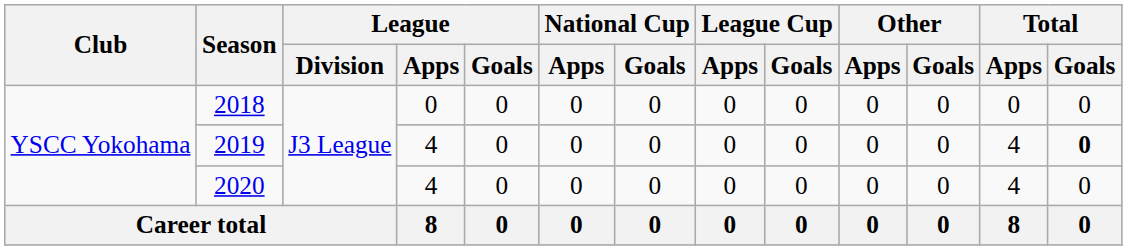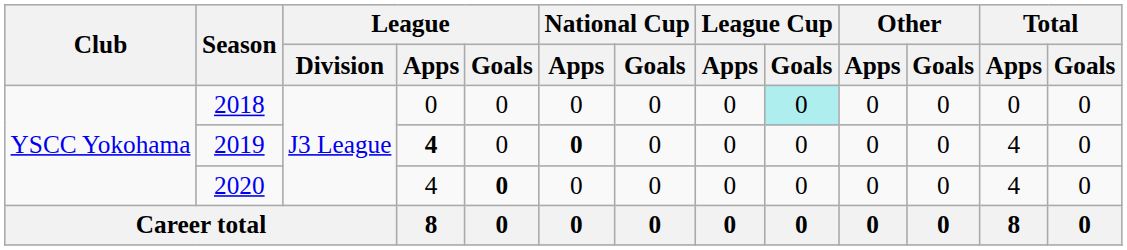 <table class="wikitable" style="text-align: center">
 <tr>
 <th rowspan="2">Club</th>
 <th rowspan="2">Season</th>
 <th colspan="3">League</th>
 <th colspan="2">National Cup</th>
 <th colspan="2">League Cup</th>
 <th colspan="2">Other</th>
 <th colspan="2">Total</th>
 </tr>
 <tr>
 <th>Division</th>
 <th>Apps</th>
 <th>Goals</th>
 <th>Apps</th>
 <th>Goals</th>
 <th>Apps</th>
 <th>Goals</th>
 <th>Apps</th>
 <th>Goals</th>
 <th>Apps</th>
 <th>Goals</th>
 </tr>
 <tr>
 <td rowspan="3"><a href='#'>YSCC Yokohama</a></td>
 <td><a href='#'>2018</a></td>
 <td rowspan="3"><a href='#'>J3 League</a></td>
 <td>0</td>
 <td>0</td>
 <td>0</td>
 <td>0</td>
 <td>0</td>
-<td>0</td>
+<td style="background: paleturquoise;">0</td>
 <td>0</td>
 <td>0</td>
 <td>0</td>
 <td>0</td>
 </tr>
 <tr>
 <td><a href='#'>2019</a></td>
-<td>4</td>
+<td><strong>4</strong></td>
 <td>0</td>
-<td>0</td>
+<td><strong>0</strong></td>
 <td>0</td>
 <td>0</td>
 <td>0</td>
 <td>0</td>
 <td>0</td>
 <td>4</td>
-<td><strong>0</strong></td>
+<td>0</td>
 </tr>
 <tr>
 <td><a href='#'>2020</a></td>
 <td>4</td>
-<td>0</td>
+<td><strong>0</strong></td>
 <td>0</td>
 <td>0</td>
 <td>0</td>
 <td>0</td>
 <td>0</td>
 <td>0</td>
 <td>4</td>
 <td>0</td>
 </tr>
 <tr>
 <th colspan=3>Career total</th>
 <th>8</th>
 <th>0</th>
 <th>0</th>
 <th>0</th>
 <th>0</th>
 <th>0</th>
 <th>0</th>
 <th>0</th>
 <th>8</th>
 <th>0</th>
 </tr>
 </table>
